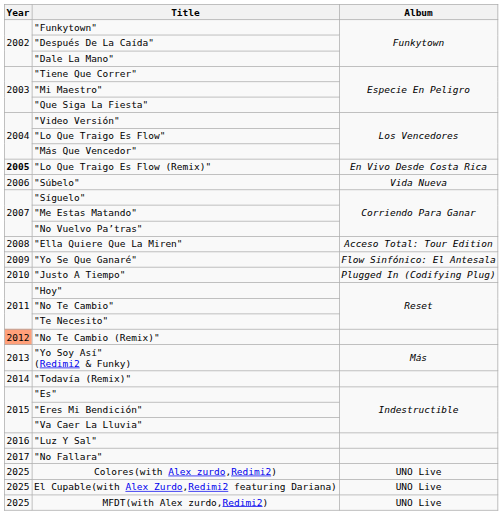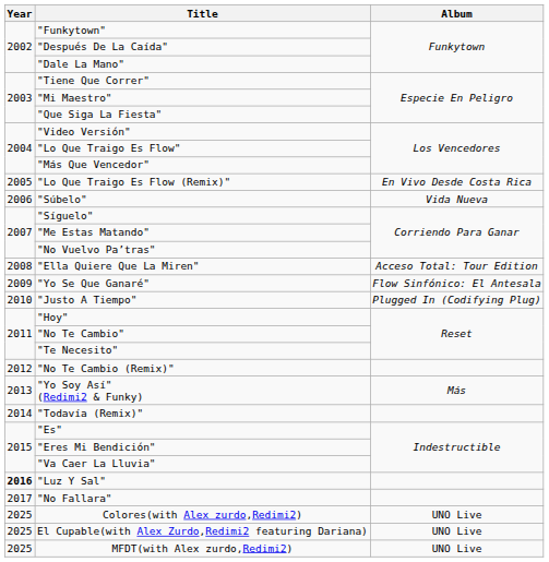 <table class="wikitable plainrowheaders" style="text-align:center;">
 <tr>
 <th rowspan="1" scope="col">Year</th>
 <th rowspan="1" scope="col">Title</th>
 <th rowspan="1" scope="col">Album</th>
 </tr>
 <tr>
 <td rowspan="3">2002</td>
 <td align="left">"Funkytown"</td>
 <td rowspan="3"><em>Funkytown</em></td>
 </tr>
 <tr>
 <td align="left">"Después De La Caída"<br></td>
 </tr>
 <tr>
 <td align="left">"Dale La Mano"</td>
 </tr>
 <tr>
 <td rowspan="3">2003</td>
 <td align="left">"Tiene Que Correr"<br></td>
 <td rowspan="3"><em>Especie En Peligro</em></td>
 </tr>
 <tr>
 <td align="left">"Mi Maestro"<br></td>
 </tr>
 <tr>
 <td align="left">"Que Siga La Fiesta"</td>
 </tr>
 <tr>
 <td rowspan="3">2004</td>
 <td align="left">"Video Versión"<br></td>
 <td rowspan="3"><em>Los Vencedores</em></td>
 </tr>
 <tr>
 <td align="left">"Lo Que Traigo Es Flow"</td>
 </tr>
 <tr>
 <td align="left">"Más Que Vencedor"<br></td>
 </tr>
 <tr>
-<td><strong>2005</strong></td>
+<td>2005</td>
 <td align="left">"Lo Que Traigo Es Flow (Remix)"</td>
 <td><em>En Vivo Desde Costa Rica</em></td>
 </tr>
 <tr>
 <td>2006</td>
 <td align="left">"Súbelo"<br></td>
 <td><em>Vida Nueva</em></td>
 </tr>
 <tr>
 <td rowspan="3">2007</td>
 <td align="left">"Síguelo"</td>
 <td rowspan="3"><em>Corriendo Para Ganar</em></td>
 </tr>
 <tr>
 <td align="left">"Me Estas Matando"</td>
 </tr>
 <tr>
 <td align="left">"No Vuelvo Pa’tras"<br></td>
 </tr>
 <tr>
 <td>2008</td>
 <td align="left">"Ella Quiere Que La Miren"</td>
 <td><em>Acceso Total: Tour Edition</em></td>
 </tr>
 <tr>
 <td>2009</td>
 <td align="left">"Yo Se Que Ganaré"</td>
 <td><em>Flow Sinfónico: El Antesala</em></td>
 </tr>
 <tr>
 <td>2010</td>
 <td align="left">"Justo A Tiempo"</td>
 <td><em>Plugged In (Codifying Plug)</em></td>
 </tr>
 <tr>
 <td rowspan="3">2011</td>
 <td align="left">"Hoy"</td>
 <td rowspan="3"><em>Reset</em></td>
 </tr>
 <tr>
 <td align="left">"No Te Cambio"<br></td>
 </tr>
 <tr>
 <td align="left">"Te Necesito"<br></td>
 </tr>
 <tr>
-<td style="background: lightsalmon;">2012</td>
+<td>2012</td>
 <td align="left">"No Te Cambio (Remix)"<br></td>
 <td></td>
 </tr>
 <tr>
 <td>2013</td>
 <td align="left">"Yo Soy Así"<br>(<a href='#'>Redimi2</a> & Funky)</td>
 <td><em>Más</em></td>
 </tr>
 <tr>
 <td>2014</td>
 <td align="left">"Todavía (Remix)"<br></td>
 <td></td>
 </tr>
 <tr>
 <td rowspan="3">2015</td>
 <td align="left">"Es"</td>
 <td rowspan="3"><em>Indestructible</em></td>
 </tr>
 <tr>
 <td align="left">"Eres Mi Bendición"<br></td>
 </tr>
 <tr>
 <td align="left">"Va Caer La Lluvia"</td>
 </tr>
 <tr>
-<td>2016</td>
+<td><strong>2016</strong></td>
 <td align="left">"Luz Y Sal"<br></td>
 <td></td>
 </tr>
 <tr>
 <td>2017</td>
 <td align="left">"No Fallara"<br></td>
 <td></td>
 </tr>
 <tr>
 <td>2025</td>
 <td>Colores(with <a href='#'>Alex zurdo</a>,<a href='#'>Redimi2</a>)</td>
 <td>UNO Live</td>
 </tr>
 <tr>
 <td>2025</td>
 <td>El Cupable(with <a href='#'>Alex Zurdo</a>,<a href='#'>Redimi2</a> featuring Dariana)</td>
 <td>UNO Live</td>
 </tr>
 <tr>
 <td>2025</td>
 <td>MFDT(with Alex zurdo,<a href='#'>Redimi2</a>)</td>
 <td>UNO Live</td>
 </tr>
 </table>
